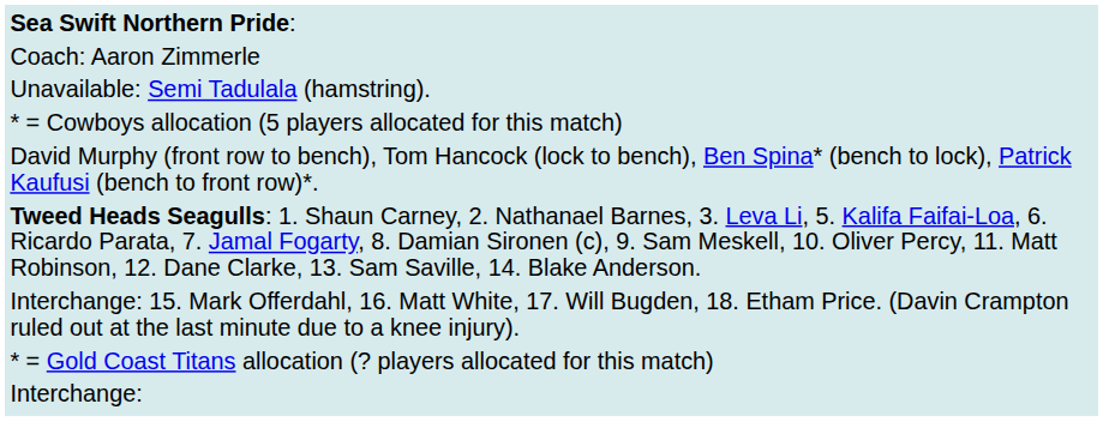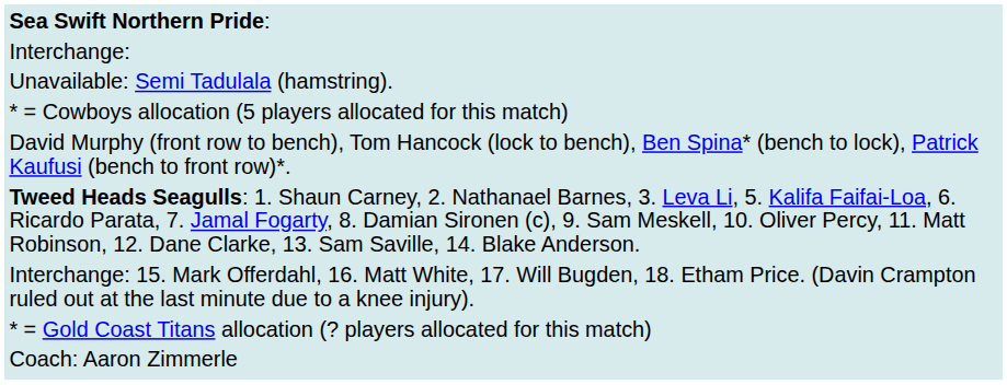 <table style="background:#d7ebed; font-size:85%; width:100%;">
 <tr>
 <td><strong>Sea Swift Northern Pride</strong>:             </td>
 </tr>
 <tr>
-<td>Coach: Aaron Zimmerle</td>
+<td>Interchange:    </td>
 </tr>
 <tr>
 <td>Unavailable: <a href='#'>Semi Tadulala</a> (hamstring).</td>
 </tr>
 <tr>
 <td>* = Cowboys allocation (5 players allocated for this match)</td>
 </tr>
 <tr>
 <td>David Murphy (front row to bench), Tom Hancock (lock to bench), <a href='#'>Ben Spina</a>* (bench to lock), <a href='#'>Patrick Kaufusi</a> (bench to front row)*.</td>
 </tr>
 <tr>
 <td><strong>Tweed Heads Seagulls</strong>: 1. Shaun Carney, 2. Nathanael Barnes, 3. <a href='#'>Leva Li</a>, 5. <a href='#'>Kalifa Faifai-Loa</a>, 6. Ricardo Parata, 7. <a href='#'>Jamal Fogarty</a>, 8. Damian Sironen (c), 9. Sam Meskell, 10. Oliver Percy, 11. Matt Robinson, 12. Dane Clarke, 13. Sam Saville, 14. Blake Anderson.</td>
 </tr>
 <tr>
 <td>Interchange: 15. Mark Offerdahl, 16. Matt White, 17. Will Bugden, 18. Etham Price. (Davin Crampton ruled out at the last minute due to a knee injury).</td>
 </tr>
 <tr>
 <td>* = <a href='#'>Gold Coast Titans</a> allocation (? players allocated for this match)</td>
 </tr>
 <tr>
-<td>Interchange:    </td>
+<td>Coach: Aaron Zimmerle</td>
 </tr>
 <tr>
 </tr>
 </table>
